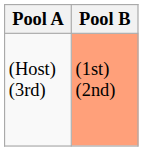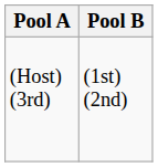 <table class="wikitable">
 <tr>
 <th width=45%>Pool A</th>
 <th width=45%>Pool B</th>
 </tr>
 <tr>
 <td valign=top><br> (Host)<br>  (3rd)<br> <br> </td>
-<td style="background: lightsalmon;"><br> (1st)<br>  (2nd)<br> <br> <br> </td>
+<td><br> (1st)<br>  (2nd)<br> <br> <br> </td>
 </tr>
 </table>
